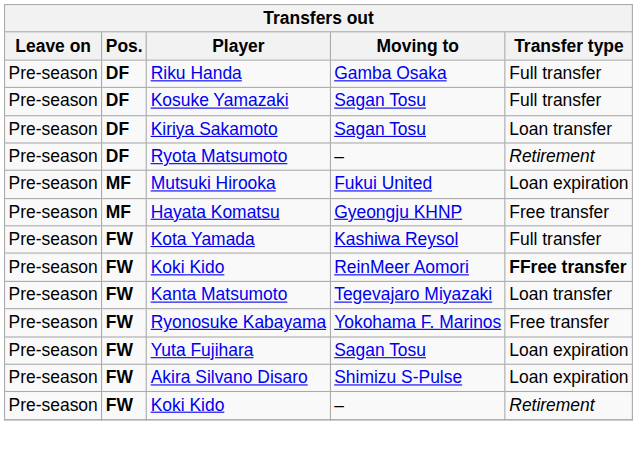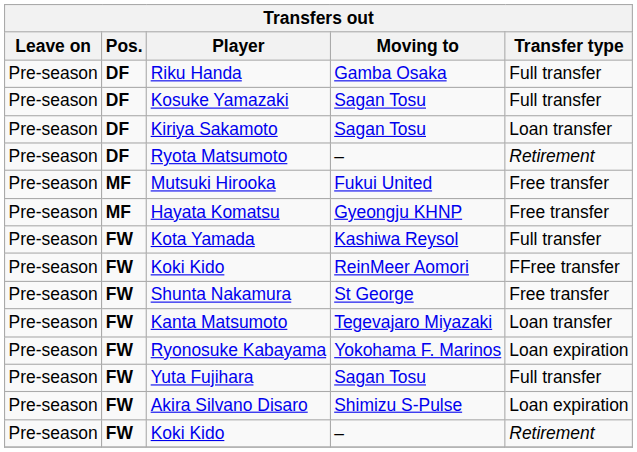 <table class="wikitable sortable" style=“text-align:left;>
 <tr>
 <th colspan="5">Transfers out</th>
 </tr>
 <tr>
 <th>Leave on</th>
 <th>Pos.</th>
 <th>Player</th>
 <th>Moving to</th>
 <th>Transfer type</th>
 </tr>
 <tr>
 <td>Pre-season</td>
 <td><strong>DF</strong></td>
 <td> <a href='#'>Riku Handa</a></td>
 <td> <a href='#'>Gamba Osaka</a></td>
 <td>Full transfer</td>
 </tr>
 <tr>
 <td>Pre-season</td>
 <td><strong>DF</strong></td>
 <td> <a href='#'>Kosuke Yamazaki</a></td>
 <td> <a href='#'>Sagan Tosu</a></td>
 <td>Full transfer</td>
 </tr>
 <tr>
 <td>Pre-season</td>
 <td><strong>DF</strong></td>
 <td> <a href='#'>Kiriya Sakamoto</a></td>
 <td> <a href='#'>Sagan Tosu</a></td>
 <td>Loan transfer</td>
 </tr>
 <tr>
 <td>Pre-season</td>
 <td><strong>DF</strong></td>
 <td> <a href='#'>Ryota Matsumoto</a></td>
 <td>–</td>
 <td><em>Retirement</em></td>
 </tr>
 <tr>
 <td>Pre-season</td>
 <td><strong>MF</strong></td>
 <td> <a href='#'>Mutsuki Hirooka</a></td>
 <td> <a href='#'>Fukui United</a></td>
-<td>Loan expiration</td>
+<td>Free transfer</td>
 </tr>
 <tr>
 <td>Pre-season</td>
 <td><strong>MF</strong></td>
 <td> <a href='#'>Hayata Komatsu</a></td>
 <td> <a href='#'>Gyeongju KHNP</a></td>
 <td>Free transfer</td>
 </tr>
 <tr>
 <td>Pre-season</td>
 <td><strong>FW</strong></td>
 <td> <a href='#'>Kota Yamada</a></td>
 <td> <a href='#'>Kashiwa Reysol</a></td>
 <td>Full transfer</td>
 </tr>
 <tr>
 <td>Pre-season</td>
 <td><strong>FW</strong></td>
 <td> <a href='#'>Koki Kido</a></td>
 <td> <a href='#'>ReinMeer Aomori</a></td>
-<td><strong>FFree transfer</strong></td>
+<td>FFree transfer</td>
+</tr>
+<tr>
+<td>Pre-season</td>
+<td><strong>FW</strong></td>
+<td> <a href='#'>Shunta Nakamura</a></td>
+<td> <a href='#'>St George</a></td>
+<td>Free transfer</td>
 </tr>
 <tr>
 <td>Pre-season</td>
 <td><strong>FW</strong></td>
 <td> <a href='#'>Kanta Matsumoto</a></td>
 <td> <a href='#'>Tegevajaro Miyazaki</a></td>
 <td>Loan transfer</td>
 </tr>
 <tr>
 <td>Pre-season</td>
 <td><strong>FW</strong></td>
 <td> <a href='#'>Ryonosuke Kabayama</a></td>
 <td> <a href='#'>Yokohama F. Marinos</a></td>
-<td>Free transfer</td>
+<td>Loan expiration</td>
 </tr>
 <tr>
 <td>Pre-season</td>
 <td><strong>FW</strong></td>
 <td> <a href='#'>Yuta Fujihara</a></td>
 <td> <a href='#'>Sagan Tosu</a></td>
-<td>Loan expiration</td>
+<td>Full transfer</td>
 </tr>
 <tr>
 <td>Pre-season</td>
 <td><strong>FW</strong></td>
 <td> <a href='#'>Akira Silvano Disaro</a></td>
 <td> <a href='#'>Shimizu S-Pulse</a></td>
 <td>Loan expiration</td>
 </tr>
 <tr>
 <td>Pre-season</td>
 <td><strong>FW</strong></td>
 <td> <a href='#'>Koki Kido</a></td>
 <td>–</td>
 <td><em>Retirement</em></td>
 </tr>
 <tr>
 </tr>
 </table>
